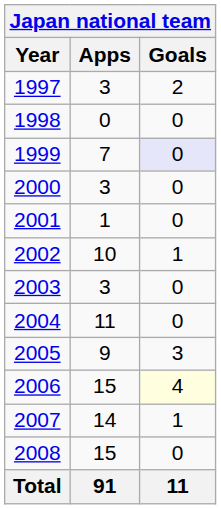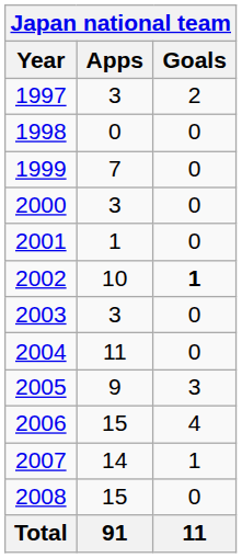 <table class="wikitable" style="text-align:center">
 <tr>
 <th colspan=3><a href='#'>Japan national team</a></th>
 </tr>
 <tr>
 <th>Year</th>
 <th>Apps</th>
 <th>Goals</th>
 </tr>
 <tr>
 <td><a href='#'>1997</a></td>
 <td>3</td>
 <td>2</td>
 </tr>
 <tr>
 <td><a href='#'>1998</a></td>
 <td>0</td>
 <td>0</td>
 </tr>
 <tr>
 <td><a href='#'>1999</a></td>
 <td>7</td>
-<td style="background: lavender;">0</td>
+<td>0</td>
 </tr>
 <tr>
 <td><a href='#'>2000</a></td>
 <td>3</td>
 <td>0</td>
 </tr>
 <tr>
 <td><a href='#'>2001</a></td>
 <td>1</td>
 <td>0</td>
 </tr>
 <tr>
 <td><a href='#'>2002</a></td>
 <td>10</td>
-<td>1</td>
+<td><strong>1</strong></td>
 </tr>
 <tr>
 <td><a href='#'>2003</a></td>
 <td>3</td>
 <td>0</td>
 </tr>
 <tr>
 <td><a href='#'>2004</a></td>
 <td>11</td>
 <td>0</td>
 </tr>
 <tr>
 <td><a href='#'>2005</a></td>
 <td>9</td>
 <td>3</td>
 </tr>
 <tr>
 <td><a href='#'>2006</a></td>
 <td>15</td>
-<td style="background: lightyellow;">4</td>
+<td>4</td>
 </tr>
 <tr>
 <td><a href='#'>2007</a></td>
 <td>14</td>
 <td>1</td>
 </tr>
 <tr>
 <td><a href='#'>2008</a></td>
 <td>15</td>
 <td>0</td>
 </tr>
 <tr>
 <th>Total</th>
 <th>91</th>
 <th>11</th>
 </tr>
 </table>
